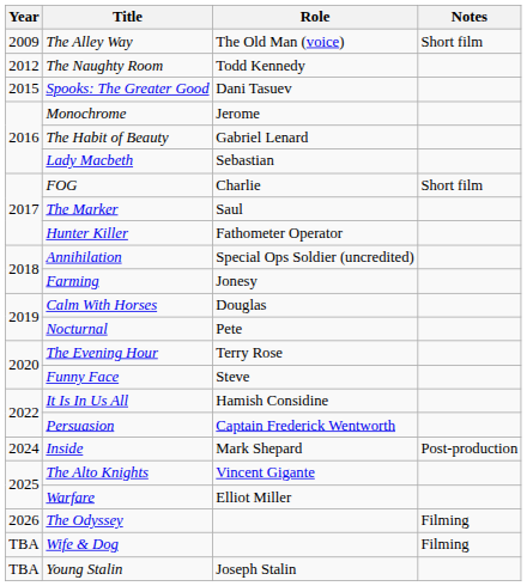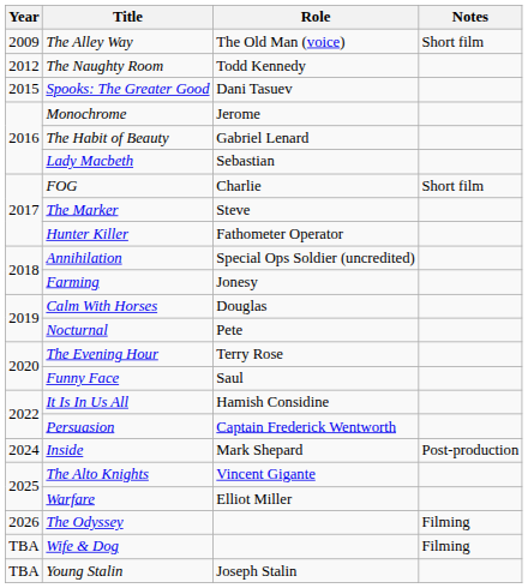 <table class="wikitable">
 <tr>
 <th>Year</th>
 <th>Title</th>
 <th>Role</th>
 <th>Notes</th>
 </tr>
 <tr>
 <td>2009</td>
 <td><em>The Alley Way</em></td>
 <td>The Old Man (<a href='#'>voice</a>)</td>
 <td>Short film</td>
 </tr>
 <tr>
 <td>2012</td>
 <td><em>The Naughty Room</em></td>
 <td>Todd Kennedy</td>
 <td></td>
 </tr>
 <tr>
 <td>2015</td>
 <td><em><a href='#'>Spooks: The Greater Good</a></em></td>
 <td>Dani Tasuev</td>
 <td></td>
 </tr>
 <tr>
 <td rowspan="3">2016</td>
 <td><em>Monochrome</em></td>
 <td>Jerome</td>
 <td></td>
 </tr>
 <tr>
 <td><em>The Habit of Beauty</em></td>
 <td>Gabriel Lenard</td>
 <td></td>
 </tr>
 <tr>
 <td><em><a href='#'>Lady Macbeth</a></em></td>
 <td>Sebastian</td>
 <td></td>
 </tr>
 <tr>
 <td rowspan="3">2017</td>
 <td><em>FOG</em></td>
 <td>Charlie</td>
 <td>Short film</td>
 </tr>
 <tr>
 <td><em><a href='#'>The Marker</a></em></td>
-<td>Saul</td>
+<td>Steve</td>
 <td></td>
 </tr>
 <tr>
 <td><em><a href='#'>Hunter Killer</a></em></td>
 <td>Fathometer Operator</td>
 <td></td>
 </tr>
 <tr>
 <td rowspan="2">2018</td>
 <td><em><a href='#'>Annihilation</a></em></td>
 <td>Special Ops Soldier (uncredited)</td>
 <td></td>
 </tr>
 <tr>
 <td><em><a href='#'>Farming</a></em></td>
 <td>Jonesy</td>
 <td></td>
 </tr>
 <tr>
 <td rowspan="2">2019</td>
 <td><em><a href='#'>Calm With Horses</a></em></td>
 <td>Douglas</td>
 <td></td>
 </tr>
 <tr>
 <td><em><a href='#'>Nocturnal</a></em></td>
 <td>Pete</td>
 <td></td>
 </tr>
 <tr>
 <td rowspan="2">2020</td>
 <td><em><a href='#'>The Evening Hour</a></em></td>
 <td>Terry Rose</td>
 <td></td>
 </tr>
 <tr>
 <td><em><a href='#'>Funny Face</a></em></td>
-<td>Steve</td>
+<td>Saul</td>
 <td></td>
 </tr>
 <tr>
 <td rowspan="2">2022</td>
 <td><em><a href='#'>It Is In Us All</a></em></td>
 <td>Hamish Considine</td>
 <td></td>
 </tr>
 <tr>
 <td><em><a href='#'>Persuasion</a></em></td>
 <td><a href='#'>Captain Frederick Wentworth</a></td>
 <td></td>
 </tr>
 <tr>
 <td>2024</td>
 <td><em><a href='#'>Inside</a></em></td>
 <td>Mark Shepard</td>
 <td>Post-production</td>
 </tr>
 <tr>
 <td rowspan="2">2025</td>
 <td><em><a href='#'>The Alto Knights</a></em></td>
 <td><a href='#'>Vincent Gigante</a></td>
 <td></td>
 </tr>
 <tr>
 <td><em><a href='#'>Warfare</a></em></td>
 <td>Elliot Miller</td>
 <td></td>
 </tr>
 <tr>
 <td>2026</td>
 <td><em><a href='#'>The Odyssey</a></em></td>
 <td></td>
 <td>Filming</td>
 </tr>
 <tr>
 <td>TBA</td>
 <td><em><a href='#'>Wife & Dog</a></em></td>
 <td></td>
 <td>Filming</td>
 </tr>
 <tr>
 <td>TBA</td>
 <td><em>Young Stalin</em></td>
 <td>Joseph Stalin</td>
 <td></td>
 </tr>
 </table>
